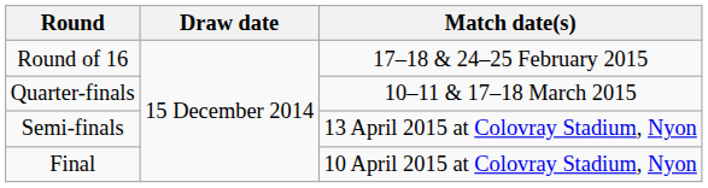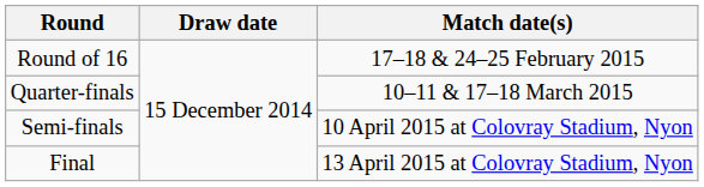 <table class="wikitable" style="text-align:center">
 <tr>
 <th>Round</th>
 <th>Draw date</th>
 <th>Match date(s)</th>
 </tr>
 <tr>
 <td>Round of 16</td>
 <td rowspan="4">15 December 2014</td>
 <td>17–18 & 24–25 February 2015</td>
 </tr>
 <tr>
 <td>Quarter-finals</td>
 <td>10–11 & 17–18 March 2015</td>
 </tr>
 <tr>
 <td>Semi-finals</td>
-<td>13 April 2015 at <a href='#'>Colovray Stadium</a>, <a href='#'>Nyon</a></td>
+<td>10 April 2015 at <a href='#'>Colovray Stadium</a>, <a href='#'>Nyon</a></td>
 </tr>
 <tr>
 <td>Final</td>
-<td>10 April 2015 at <a href='#'>Colovray Stadium</a>, <a href='#'>Nyon</a></td>
+<td>13 April 2015 at <a href='#'>Colovray Stadium</a>, <a href='#'>Nyon</a></td>
 </tr>
 </table>
